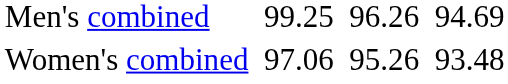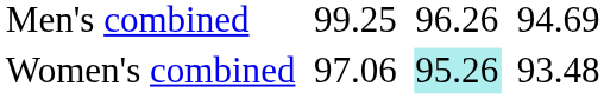 <table>
 <tr>
 <td>Men's <a href='#'>combined</a><br></td>
 <td></td>
 <td align=center>99.25</td>
 <td></td>
 <td align=center>96.26</td>
 <td></td>
 <td align=center>94.69</td>
 </tr>
 <tr>
 <td>Women's <a href='#'>combined</a><br></td>
 <td></td>
 <td align=center>97.06</td>
 <td></td>
-<td align=center>95.26</td>
+<td align=center style="background: paleturquoise;">95.26</td>
 <td></td>
 <td align=center>93.48</td>
 </tr>
 </table>
